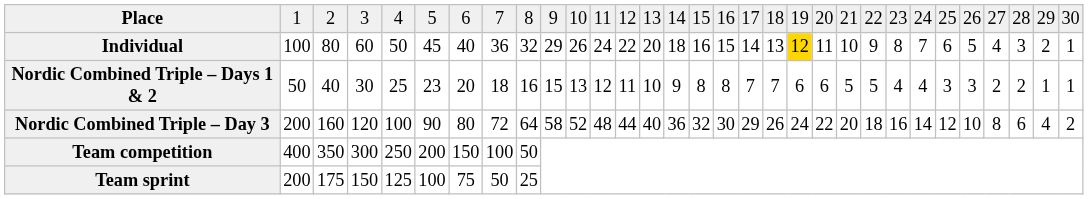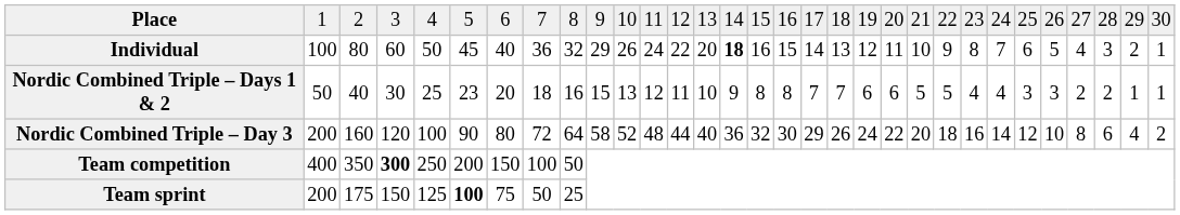 <table border="1" cellpadding="2" cellspacing="0" style="border:1px solid #C0C0C0; border-collapse:collapse; font-size:90%; margin-top:1em; text-align:center" width="850">
 <tr bgcolor="#F0F0F0">
 <td><strong>Place</strong></td>
 <td>1</td>
 <td>2</td>
 <td>3</td>
 <td>4</td>
 <td>5</td>
 <td>6</td>
 <td>7</td>
 <td>8</td>
 <td>9</td>
 <td>10</td>
 <td>11</td>
 <td>12</td>
 <td>13</td>
 <td>14</td>
 <td>15</td>
 <td>16</td>
 <td>17</td>
 <td>18</td>
 <td>19</td>
 <td>20</td>
 <td>21</td>
 <td>22</td>
 <td>23</td>
 <td>24</td>
 <td>25</td>
 <td>26</td>
 <td>27</td>
 <td>28</td>
 <td>29</td>
 <td>30</td>
 </tr>
 <tr>
 <td bgcolor="#F0F0F0"><strong>Individual</strong></td>
 <td>100</td>
 <td>80</td>
 <td>60</td>
 <td>50</td>
 <td>45</td>
 <td>40</td>
 <td>36</td>
 <td>32</td>
 <td>29</td>
 <td>26</td>
 <td>24</td>
 <td>22</td>
 <td>20</td>
-<td>18</td>
+<td><strong>18</strong></td>
 <td>16</td>
 <td>15</td>
 <td>14</td>
 <td>13</td>
-<td style="background: gold;">12</td>
+<td>12</td>
 <td>11</td>
 <td>10</td>
 <td>9</td>
 <td>8</td>
 <td>7</td>
 <td>6</td>
 <td>5</td>
 <td>4</td>
 <td>3</td>
 <td>2</td>
 <td>1</td>
 </tr>
 <tr>
 <td bgcolor="#F0F0F0"><strong>Nordic Combined Triple – Days 1 & 2</strong></td>
 <td>50</td>
 <td>40</td>
 <td>30</td>
 <td>25</td>
 <td>23</td>
 <td>20</td>
 <td>18</td>
 <td>16</td>
 <td>15</td>
 <td>13</td>
 <td>12</td>
 <td>11</td>
 <td>10</td>
 <td>9</td>
 <td>8</td>
 <td>8</td>
 <td>7</td>
 <td>7</td>
 <td>6</td>
 <td>6</td>
 <td>5</td>
 <td>5</td>
 <td>4</td>
 <td>4</td>
 <td>3</td>
 <td>3</td>
 <td>2</td>
 <td>2</td>
 <td>1</td>
 <td>1</td>
 </tr>
 <tr>
 <td bgcolor="#F0F0F0"><strong>Nordic Combined Triple – Day 3</strong></td>
 <td>200</td>
 <td>160</td>
 <td>120</td>
 <td>100</td>
 <td>90</td>
 <td>80</td>
 <td>72</td>
 <td>64</td>
 <td>58</td>
 <td>52</td>
 <td>48</td>
 <td>44</td>
 <td>40</td>
 <td>36</td>
 <td>32</td>
 <td>30</td>
 <td>29</td>
 <td>26</td>
 <td>24</td>
 <td>22</td>
 <td>20</td>
 <td>18</td>
 <td>16</td>
 <td>14</td>
 <td>12</td>
 <td>10</td>
 <td>8</td>
 <td>6</td>
 <td>4</td>
 <td>2</td>
 </tr>
 <tr>
 <td bgcolor="#F0F0F0"><strong>Team competition</strong></td>
 <td>400</td>
 <td>350</td>
-<td>300</td>
+<td><strong>300</strong></td>
 <td>250</td>
 <td>200</td>
 <td>150</td>
 <td>100</td>
 <td>50</td>
 </tr>
 <tr>
 <td bgcolor="#F0F0F0"><strong>Team sprint</strong></td>
 <td>200</td>
 <td>175</td>
 <td>150</td>
 <td>125</td>
-<td>100</td>
+<td><strong>100</strong></td>
 <td>75</td>
 <td>50</td>
 <td>25</td>
 </tr>
 </table>
